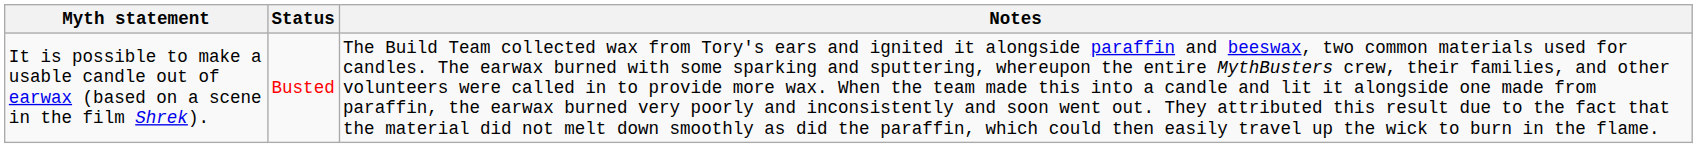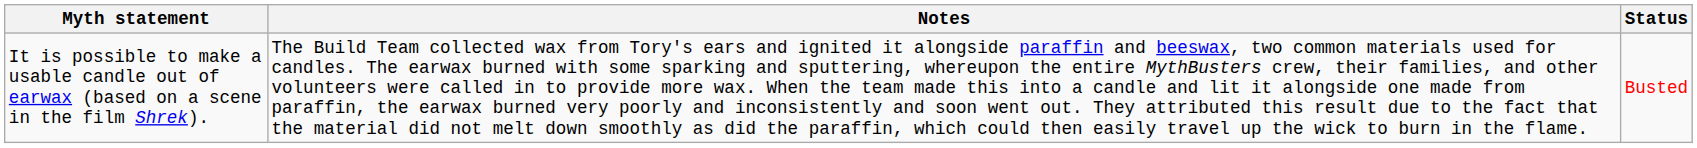 <table class="wikitable plainrowheaders">
 <tr>
 <th>Myth statement</th>
+<th>Notes</th>
 <th>Status</th>
-<th>Notes</th>
 </tr>
 <tr>
 <td>It is possible to make a usable candle out of <a href='#'>earwax</a> (based on a scene in the film <em><a href='#'>Shrek</a></em>).</td>
+<td>The Build Team collected wax from Tory's ears and ignited it alongside <a href='#'>paraffin</a> and <a href='#'>beeswax</a>, two common materials used for candles. The earwax burned with some sparking and sputtering, whereupon the entire <em>MythBusters</em> crew, their families, and other volunteers were called in to provide more wax. When the team made this into a candle and lit it alongside one made from paraffin, the earwax burned very poorly and inconsistently and soon went out. They attributed this result due to the fact that the material did not melt down smoothly as did the paraffin, which could then easily travel up the wick to burn in the flame.</td>
 <td style="color:red">Busted</td>
-<td>The Build Team collected wax from Tory's ears and ignited it alongside <a href='#'>paraffin</a> and <a href='#'>beeswax</a>, two common materials used for candles. The earwax burned with some sparking and sputtering, whereupon the entire <em>MythBusters</em> crew, their families, and other volunteers were called in to provide more wax. When the team made this into a candle and lit it alongside one made from paraffin, the earwax burned very poorly and inconsistently and soon went out. They attributed this result due to the fact that the material did not melt down smoothly as did the paraffin, which could then easily travel up the wick to burn in the flame.</td>
 </tr>
 </table>
